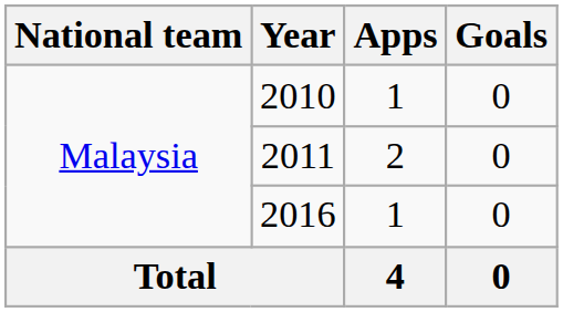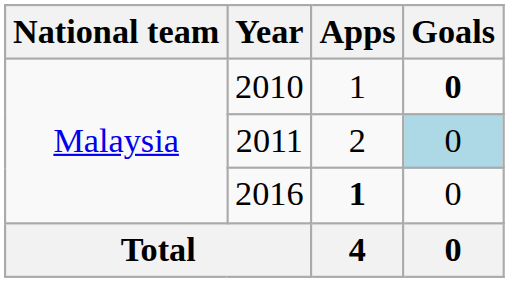 <table class=wikitable style="text-align: center;">
 <tr>
 <th>National team</th>
 <th>Year</th>
 <th>Apps</th>
 <th>Goals</th>
 </tr>
 <tr>
 <td rowspan=3><a href='#'>Malaysia</a></td>
 <td>2010</td>
 <td>1</td>
-<td>0</td>
+<td><strong>0</strong></td>
 </tr>
 <tr>
 <td>2011</td>
 <td>2</td>
-<td>0</td>
+<td style="background: lightblue;">0</td>
 </tr>
 <tr>
 <td>2016</td>
-<td>1</td>
+<td><strong>1</strong></td>
 <td>0</td>
 </tr>
 <tr>
 <th colspan=2>Total</th>
 <th>4</th>
 <th>0</th>
 </tr>
 </table>
